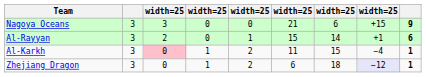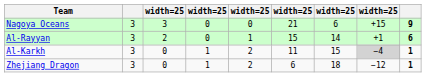 <table class="wikitable" style="text-align: center; font-size: 90%;">
 <tr>
 <th width="165">Team</th>
 <th width=25></th>
 <th>width=25</th>
 <th>width=25</th>
 <th>width=25</th>
 <th>width=25</th>
 <th>width=25</th>
 <th>width=25</th>
 <th width=25></th>
 </tr>
 <tr align=center bgcolor="ccffcc">
 <td style="text-align:left;"> <a href='#'>Nagoya Oceans</a></td>
 <td>3</td>
 <td>3</td>
 <td>0</td>
 <td>0</td>
 <td>21</td>
 <td>6</td>
 <td>+15</td>
 <td><strong>9</strong></td>
 </tr>
 <tr align=center bgcolor="ccffcc">
 <td style="text-align:left;"> <a href='#'>Al-Rayyan</a></td>
 <td>3</td>
 <td>2</td>
 <td>0</td>
 <td>1</td>
 <td>15</td>
 <td>14</td>
 <td>+1</td>
 <td><strong>6</strong></td>
 </tr>
 <tr>
 <td style="text-align:left;"> <a href='#'>Al-Karkh</a></td>
 <td>3</td>
-<td style="background: pink;">0</td>
+<td>0</td>
 <td>1</td>
 <td>2</td>
 <td>11</td>
 <td>15</td>
-<td>−4</td>
+<td style="background: lightgrey;">−4</td>
 <td><strong>1</strong></td>
 </tr>
 <tr>
 <td style="text-align:left;"> <a href='#'>Zhejiang Dragon</a></td>
 <td>3</td>
 <td>0</td>
 <td>1</td>
 <td>2</td>
 <td>6</td>
 <td>18</td>
-<td style="background: lavender;">−12</td>
+<td>−12</td>
 <td><strong>1</strong></td>
 </tr>
 </table>
